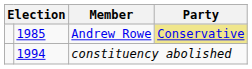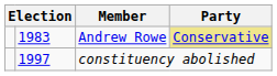 <table class="wikitable">
 <tr>
 <th colspan="2">Election</th>
 <th>Member</th>
 <th>Party</th>
 </tr>
 <tr>
 <td style="color:inherit;background-color: "></td>
-<td><a href='#'>1985</a></td>
+<td><a href='#'>1983</a></td>
 <td><a href='#'>Andrew Rowe</a></td>
 <td style="background: khaki;"><a href='#'>Conservative</a></td>
 </tr>
 <tr>
 <td></td>
-<td><a href='#'>1994</a></td>
+<td><a href='#'>1997</a></td>
 <td colspan="2"><em>constituency abolished</em></td>
 </tr>
 </table>
